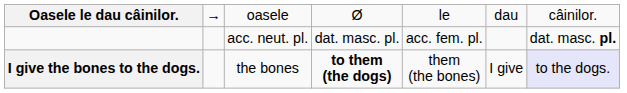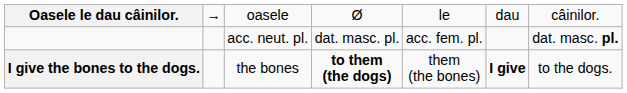 <table class="wikitable" style="text-align: center;">
 <tr>
 <th>Oasele le dau câinilor.</th>
 <td>→</td>
 <td>oasele</td>
 <td>Ø</td>
 <td>le</td>
 <td>dau</td>
 <td>câinilor.</td>
 </tr>
 <tr>
 <td></td>
 <td></td>
 <td>acc. neut. pl.</td>
 <td>dat. masc. pl.</td>
 <td>acc. fem. pl.</td>
 <td></td>
 <td>dat. masc. <strong>pl.</strong></td>
 </tr>
 <tr>
 <th>I give the bones to the dogs.</th>
 <td></td>
 <td>the bones</td>
 <td><strong>to them<br>(the dogs)</strong></td>
 <td>them<br>(the bones)</td>
-<td>I give</td>
-<td style="background: lavender;">to the dogs.</td>
+<td><strong>I give</strong></td>
+<td>to the dogs.</td>
 </tr>
 </table>
